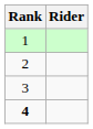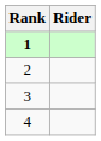 <table class="wikitable" style="font-size:95%" style="width:25em;">
 <tr>
 <th>Rank</th>
 <th>Rider</th>
 </tr>
 <tr bgcolor=ccffcc>
-<td align=center>1</td>
+<td align=center><strong>1</strong></td>
 <td></td>
 </tr>
 <tr>
 <td align=center>2</td>
 <td></td>
 </tr>
 <tr>
 <td align=center>3</td>
 <td></td>
 </tr>
 <tr>
-<td align=center><strong>4</strong></td>
+<td align=center>4</td>
 <td></td>
 </tr>
 </table>
